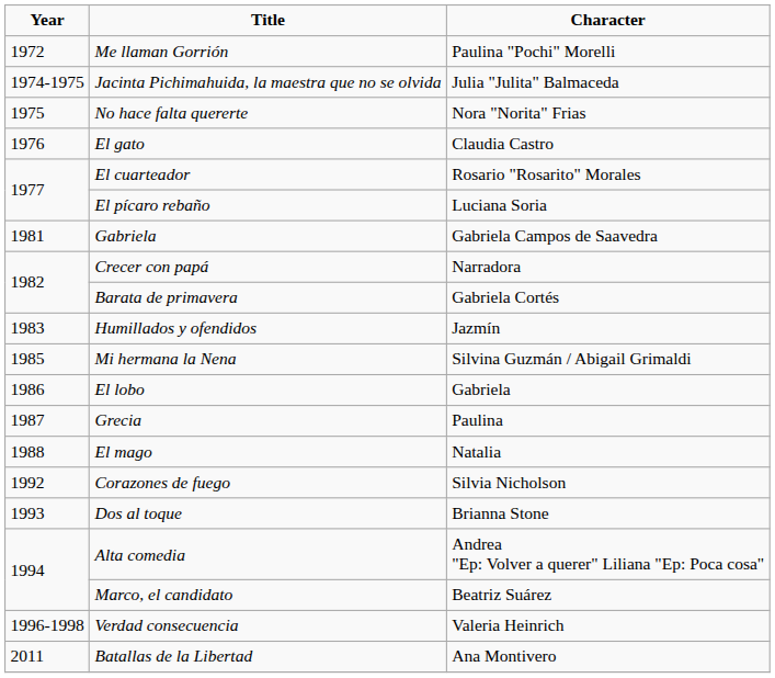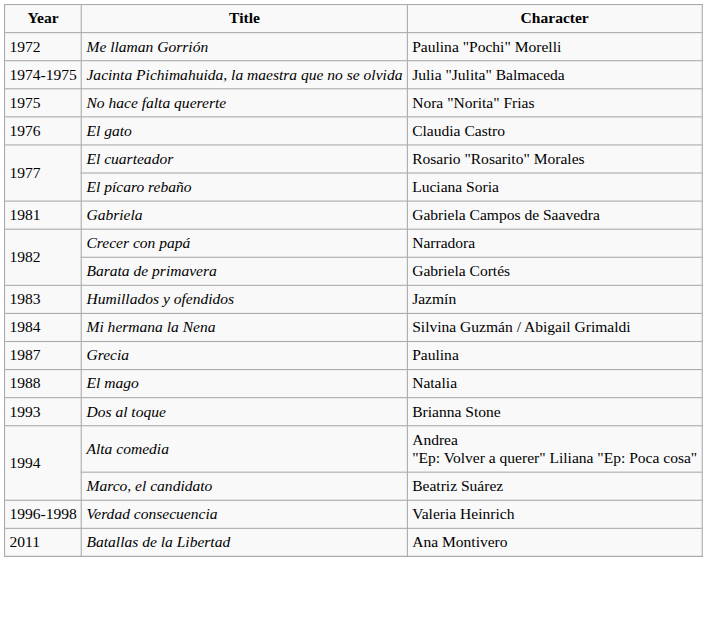 <table cellspacing="0" cellpadding="4" border="2" style="margin: 1em 1em 1em 0; background: #f9f9f9; border: 1px #aaa solid; border-collapse: collapse; font-size: 90%;">
 <tr>
 <th>Year</th>
 <th>Title</th>
 <th>Character</th>
 </tr>
 <tr>
 <td>1972</td>
 <td><em>Me llaman Gorrión</em></td>
 <td>Paulina "Pochi" Morelli</td>
 </tr>
 <tr>
 <td>1974-1975</td>
 <td><em>Jacinta Pichimahuida, la maestra que no se olvida</em></td>
 <td>Julia "Julita" Balmaceda</td>
 </tr>
 <tr>
 <td>1975</td>
 <td><em>No hace falta quererte</em></td>
 <td>Nora "Norita" Frias</td>
 </tr>
 <tr>
 <td>1976</td>
 <td><em>El gato</em></td>
 <td>Claudia Castro</td>
 </tr>
 <tr>
 <td rowspan="2">1977</td>
 <td><em>El cuarteador</em></td>
 <td>Rosario "Rosarito" Morales</td>
 </tr>
 <tr>
 <td><em>El pícaro rebaño</em></td>
 <td>Luciana Soria</td>
 </tr>
 <tr>
 <td>1981</td>
 <td><em>Gabriela</em></td>
 <td>Gabriela Campos de Saavedra</td>
 </tr>
 <tr>
 <td rowspan="2">1982</td>
 <td><em>Crecer con papá</em></td>
 <td>Narradora</td>
 </tr>
 <tr>
 <td><em>Barata de primavera</em></td>
 <td>Gabriela Cortés</td>
 </tr>
 <tr>
 <td>1983</td>
 <td><em>Humillados y ofendidos</em></td>
 <td>Jazmín</td>
 </tr>
 <tr>
-<td>1985</td>
+<td>1984</td>
 <td><em>Mi hermana la Nena</em></td>
 <td>Silvina Guzmán / Abigail Grimaldi</td>
-</tr>
-<tr>
-<td>1986</td>
-<td><em>El lobo</em></td>
-<td>Gabriela</td>
 </tr>
 <tr>
 <td>1987</td>
 <td><em>Grecia</em></td>
 <td>Paulina</td>
 </tr>
 <tr>
 <td>1988</td>
 <td><em>El mago</em></td>
 <td>Natalia</td>
-</tr>
-<tr>
-<td>1992</td>
-<td><em>Corazones de fuego</em></td>
-<td>Silvia Nicholson</td>
 </tr>
 <tr>
 <td>1993</td>
 <td><em>Dos al toque</em></td>
 <td>Brianna Stone</td>
 </tr>
 <tr>
 <td rowspan="2">1994</td>
 <td><em>Alta comedia</em></td>
 <td>Andrea<br>"Ep: Volver a querer"  Liliana  "Ep: Poca cosa"</td>
 </tr>
 <tr>
 <td><em>Marco, el candidato</em></td>
 <td>Beatriz Suárez</td>
 </tr>
 <tr>
 <td>1996-1998</td>
 <td><em>Verdad consecuencia</em></td>
 <td>Valeria Heinrich</td>
 </tr>
 <tr>
 <td>2011</td>
 <td><em>Batallas de la Libertad</em></td>
 <td>Ana Montivero</td>
 </tr>
 <tr>
 </tr>
 </table>
